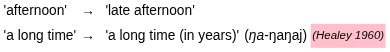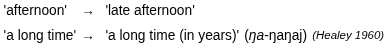 <table style="line-height: 1.4em;" cellpadding="2">
 <tr>
 <td> </td>
 <td> </td>
 <td></td>
 <td>'afternoon'</td>
 <td>→</td>
 <td></td>
 <td>'late afternoon'</td>
 <td></td>
 </tr>
 <tr>
 <td> </td>
 <td> </td>
 <td></td>
 <td>'a long time'</td>
 <td>→</td>
 <td></td>
 <td>'a long time (in years)'</td>
 <td>(<em>ŋa</em>-ŋaŋaj)</td>
-<td style="background: pink;"><small><cite>(Healey 1960)</cite></small></td>
+<td><small><cite>(Healey 1960)</cite></small></td>
 </tr>
 </table>
